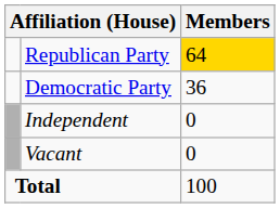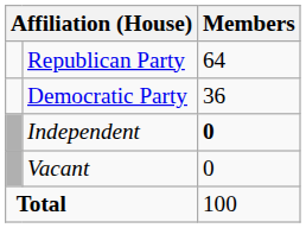 <table class="wikitable">
 <tr>
 <th colspan="2">Affiliation (House)</th>
 <th>Members</th>
 </tr>
 <tr>
 <td style="background-color:"> </td>
 <td><a href='#'>Republican Party</a></td>
-<td style="background: gold;">64</td>
+<td>64</td>
 </tr>
 <tr>
 <td style="background-color:"> </td>
 <td><a href='#'>Democratic Party</a></td>
 <td>36</td>
 </tr>
 <tr>
 <td style="background:#b0b0b0"> </td>
 <td><em>Independent</em></td>
-<td>0</td>
+<td><strong>0</strong></td>
 </tr>
 <tr>
 <td style="background:#b0b0b0"> </td>
 <td><em>Vacant</em></td>
 <td>0</td>
 </tr>
 <tr>
 <td colspan="2" rowspan="1"> <strong>Total</strong><br></td>
 <td>100</td>
 </tr>
 </table>
